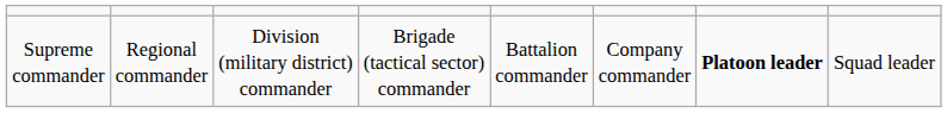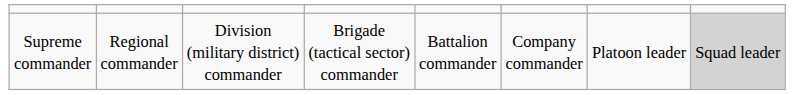 <table class="wikitable" style="margin:auto; text-align:center;">
 <tr>
 <td></td>
 <td></td>
 <td></td>
 <td></td>
 <td></td>
 <td></td>
 <td></td>
 <td></td>
 </tr>
 <tr>
 <td><small>Supreme<br>commander</small></td>
 <td><small>Regional<br>commander</small></td>
 <td><small>Division<br>(military district)<br>commander</small></td>
 <td><small>Brigade<br>(tactical sector)<br>commander</small></td>
 <td><small>Battalion<br>commander</small></td>
 <td><small>Company<br>commander</small></td>
-<td><strong><small>Platoon leader</small></strong></td>
-<td><small>Squad leader</small></td>
+<td><small>Platoon leader</small></td>
+<td style="background: lightgrey;"><small>Squad leader</small></td>
 </tr>
 </table>
